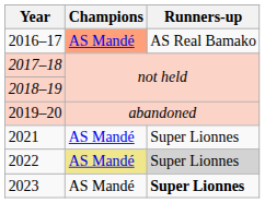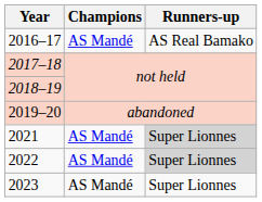 <table class="wikitable">
 <tr>
 <th>Year</th>
 <th>Champions</th>
 <th>Runners-up</th>
 </tr>
 <tr>
 <td>2016–17</td>
-<td style="background: lightsalmon;"><a href='#'>AS Mandé</a></td>
+<td><a href='#'>AS Mandé</a></td>
 <td>AS Real Bamako</td>
 </tr>
 <tr bgcolor=#fcd3c7>
 <td><em>2017–18</em></td>
 <td align=center colspan=2 rowspan=2><em>not held</em></td>
 </tr>
 <tr bgcolor=#fcd3c7>
 <td><em>2018–19</em></td>
 </tr>
 <tr bgcolor=#fcd3c7>
 <td>2019–20</td>
 <td align=center colspan=2><em>abandoned </em></td>
 </tr>
 <tr>
 <td>2021</td>
 <td><a href='#'>AS Mandé</a></td>
-<td>Super Lionnes</td>
+<td style="background: lightgrey;">Super Lionnes</td>
 </tr>
 <tr>
 <td>2022</td>
-<td style="background: khaki;"><a href='#'>AS Mandé</a></td>
+<td><a href='#'>AS Mandé</a></td>
 <td style="background: lightgrey;">Super Lionnes</td>
 </tr>
 <tr>
 <td>2023</td>
 <td>AS Mandé</td>
-<td><strong>Super Lionnes</strong></td>
+<td>Super Lionnes</td>
 </tr>
 </table>
